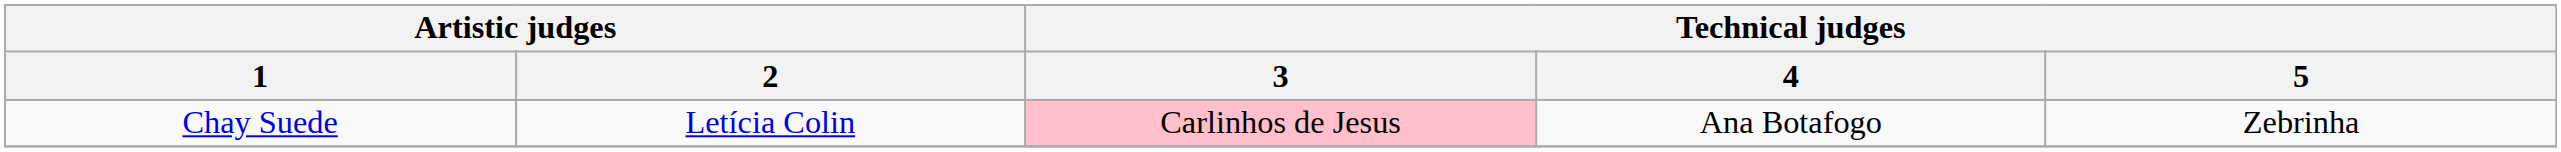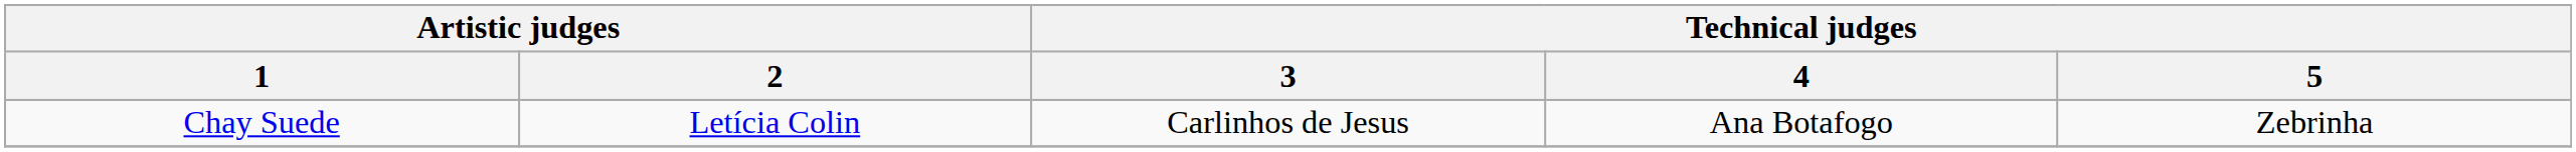 <table class="wikitable" style="font-size:100%; line-height:16px; text-align:center" width="100%">
 <tr>
 <th colspan=2>Artistic judges</th>
 <th colspan=3>Technical judges</th>
 </tr>
 <tr>
 <th width="20.0%">1</th>
 <th width="20.0%">2</th>
 <th width="20.0%">3</th>
 <th width="20.0%">4</th>
 <th width="20.0%">5</th>
 </tr>
 <tr>
 <td><a href='#'>Chay Suede</a></td>
 <td><a href='#'>Letícia Colin</a></td>
-<td style="background: pink;">Carlinhos de Jesus</td>
+<td>Carlinhos de Jesus</td>
 <td>Ana Botafogo</td>
 <td>Zebrinha</td>
 </tr>
 <tr>
 </tr>
 </table>
